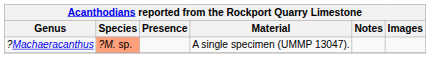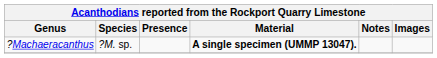 <table class="wikitable" align="center">
 <tr>
 <th colspan="6" align="center"><strong><a href='#'>Acanthodians</a> reported from the Rockport Quarry Limestone</strong></th>
 </tr>
 <tr>
 <th>Genus</th>
 <th>Species</th>
 <th>Presence</th>
 <th><strong>Material</strong></th>
 <th>Notes</th>
 <th>Images</th>
 </tr>
 <tr>
 <td><em>?<a href='#'>Machaeracanthus</a></em></td>
-<td style="background: lightsalmon;"><em>?M.</em> sp.</td>
+<td><em>?M.</em> sp.</td>
 <td></td>
-<td>A single specimen (UMMP 13047).</td>
+<td><strong>A single specimen (UMMP 13047).</strong></td>
 <td></td>
 <td></td>
 </tr>
 <tr>
 </tr>
 </table>
